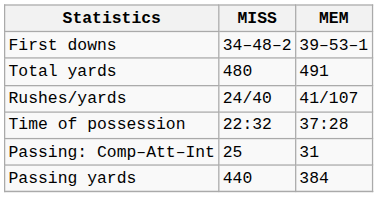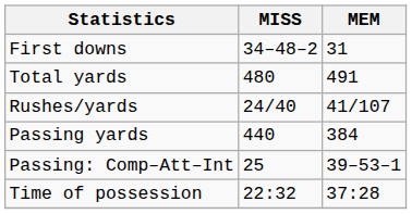 <table class="wikitable" style="float: left;">
 <tr>
 <th>Statistics</th>
 <th>MISS</th>
 <th>MEM</th>
 </tr>
 <tr>
 <td>First downs</td>
 <td>34–48–2</td>
-<td>39–53–1</td>
+<td>31</td>
 </tr>
 <tr>
 <td>Total yards</td>
 <td>480</td>
 <td>491</td>
 </tr>
 <tr>
 <td>Rushes/yards</td>
 <td>24/40</td>
 <td>41/107</td>
 </tr>
 <tr>
+<td>Passing yards</td>
+<td>440</td>
+<td>384</td>
+</tr>
+<tr>
+<td>Passing: Comp–Att–Int</td>
+<td>25</td>
+<td>39–53–1</td>
+</tr>
+<tr>
 <td>Time of possession</td>
 <td>22:32</td>
 <td>37:28</td>
 </tr>
 <tr>
-<td>Passing: Comp–Att–Int</td>
-<td>25</td>
-<td>31</td>
-</tr>
-<tr>
-<td>Passing yards</td>
-<td>440</td>
-<td>384</td>
-</tr>
-<tr>
 </tr>
 </table>
